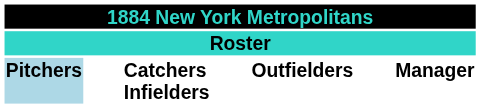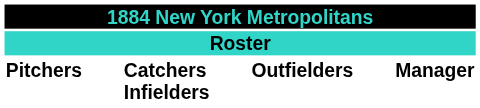 <table class="toccolours" style="font-size: 95%;">
 <tr>
 <th colspan="10" style="background-color: black; color: #30D5C8; text-align: center;">1884 New York Metropolitans</th>
 </tr>
 <tr>
 <td colspan="10" style="background-color: #30D5C8; color: black; text-align: center;"><strong>Roster</strong></td>
 </tr>
 <tr>
-<td valign="top" style="background: lightblue;"><strong>Pitchers</strong><br>  </td>
+<td valign="top"><strong>Pitchers</strong><br>  </td>
 <td width="25px"></td>
 <td valign="top"><strong>Catchers</strong><br>    <strong>Infielders</strong>    </td>
 <td width="25px"></td>
 <td valign="top"><strong>Outfielders</strong><br>   </td>
 <td width="25px"></td>
 <td valign="top"><strong>Manager</strong><br></td>
 </tr>
 </table>
